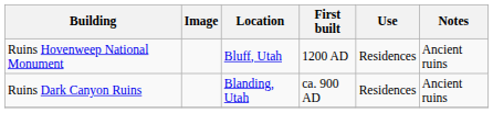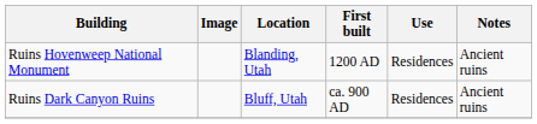 <table class="wikitable sortable">
 <tr>
 <th>Building</th>
 <th class="unsortable">Image</th>
 <th>Location</th>
 <th>First built</th>
 <th>Use</th>
 <th class="unsortable">Notes</th>
 </tr>
 <tr>
 <td>Ruins <a href='#'>Hovenweep National Monument</a></td>
 <td></td>
-<td><a href='#'>Bluff, Utah</a></td>
+<td><a href='#'>Blanding, Utah</a></td>
 <td>1200 AD</td>
 <td>Residences</td>
 <td>Ancient ruins</td>
 </tr>
 <tr>
 <td>Ruins <a href='#'>Dark Canyon Ruins</a></td>
 <td></td>
-<td><a href='#'>Blanding, Utah</a></td>
+<td><a href='#'>Bluff, Utah</a></td>
 <td>ca. 900 AD</td>
 <td>Residences</td>
 <td>Ancient ruins</td>
 </tr>
 <tr>
 </tr>
 </table>
